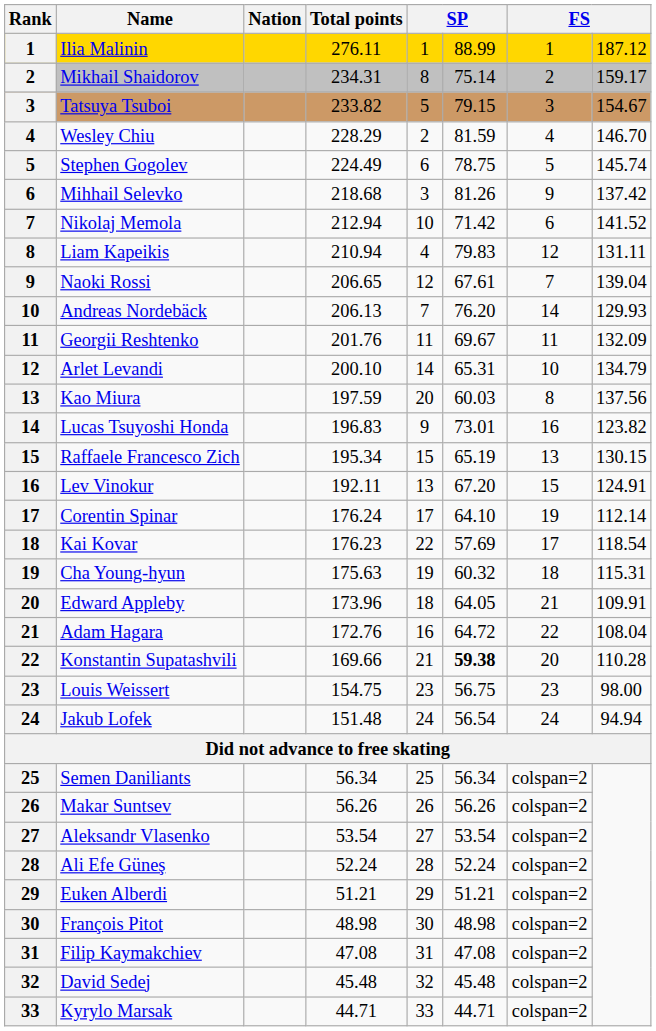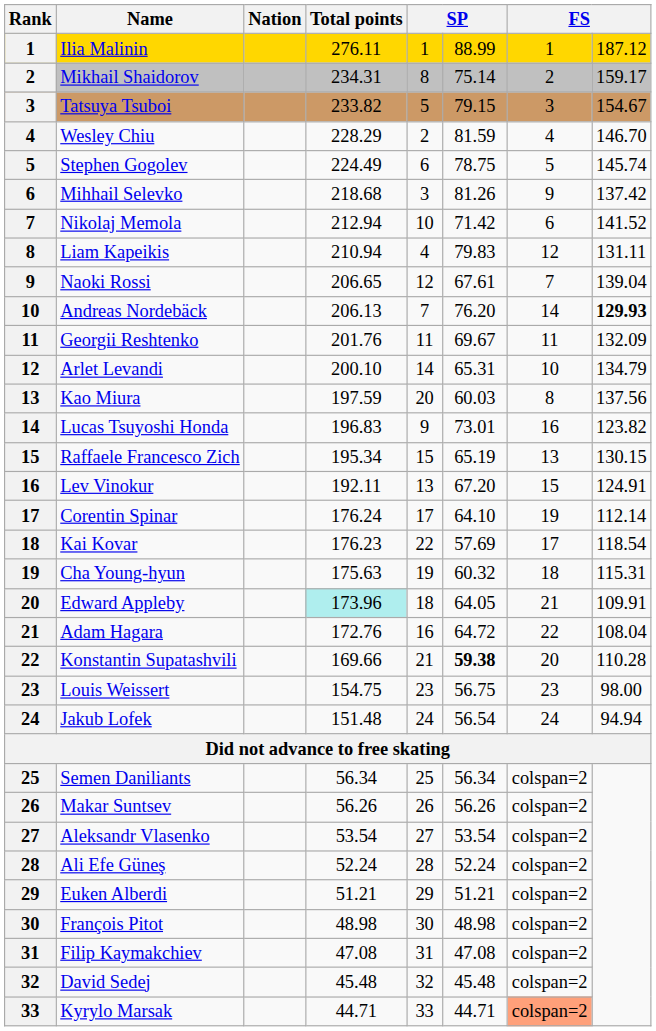 <table class="wikitable sortable" style="text-align:left;">
 <tr>
 <th scope="col">Rank</th>
 <th scope="col">Name</th>
 <th scope="col">Nation</th>
 <th scope="col">Total points</th>
 <th colspan="2" width="80px"><a href='#'>SP</a></th>
 <th colspan="2" width="80px"><a href='#'>FS</a></th>
 </tr>
 <tr bgcolor="gold">
 <th scope="row"><strong>1</strong></th>
 <td style="text-align:left"><a href='#'>Ilia Malinin</a></td>
 <td></td>
 <td align="center">276.11</td>
 <td align="center">1</td>
 <td align="center">88.99</td>
 <td align="center">1</td>
 <td align="center">187.12</td>
 </tr>
 <tr bgcolor="silver">
 <th scope="row"><strong>2</strong></th>
 <td style="text-align:left"><a href='#'>Mikhail Shaidorov</a></td>
 <td></td>
 <td align="center">234.31</td>
 <td align="center">8</td>
 <td align="center">75.14</td>
 <td align="center">2</td>
 <td align="center">159.17</td>
 </tr>
 <tr bgcolor="cc9966">
 <th scope="row"><strong>3</strong></th>
 <td style="text-align:left"><a href='#'>Tatsuya Tsuboi</a></td>
 <td></td>
 <td align="center">233.82</td>
 <td align="center">5</td>
 <td align="center">79.15</td>
 <td align="center">3</td>
 <td align="center">154.67</td>
 </tr>
 <tr>
 <th scope="row">4</th>
 <td style="text-align:left"><a href='#'>Wesley Chiu</a></td>
 <td></td>
 <td align="center">228.29</td>
 <td align="center">2</td>
 <td align="center">81.59</td>
 <td align="center">4</td>
 <td align="center">146.70</td>
 </tr>
 <tr>
 <th scope="row">5</th>
 <td style="text-align:left"><a href='#'>Stephen Gogolev</a></td>
 <td></td>
 <td align="center">224.49</td>
 <td align="center">6</td>
 <td align="center">78.75</td>
 <td align="center">5</td>
 <td align="center">145.74</td>
 </tr>
 <tr>
 <th scope="row">6</th>
 <td style="text-align:left"><a href='#'>Mihhail Selevko</a></td>
 <td></td>
 <td align="center">218.68</td>
 <td align="center">3</td>
 <td align="center">81.26</td>
 <td align="center">9</td>
 <td align="center">137.42</td>
 </tr>
 <tr>
 <th scope="row">7</th>
 <td style="text-align:left"><a href='#'>Nikolaj Memola</a></td>
 <td></td>
 <td align="center">212.94</td>
 <td align="center">10</td>
 <td align="center">71.42</td>
 <td align="center">6</td>
 <td align="center">141.52</td>
 </tr>
 <tr>
 <th scope="row">8</th>
 <td style="text-align:left"><a href='#'>Liam Kapeikis</a></td>
 <td></td>
 <td align="center">210.94</td>
 <td align="center">4</td>
 <td align="center">79.83</td>
 <td align="center">12</td>
 <td align="center">131.11</td>
 </tr>
 <tr>
 <th scope="row">9</th>
 <td style="text-align:left"><a href='#'>Naoki Rossi</a></td>
 <td></td>
 <td align="center">206.65</td>
 <td align="center">12</td>
 <td align="center">67.61</td>
 <td align="center">7</td>
 <td align="center">139.04</td>
 </tr>
 <tr>
 <th scope="row">10</th>
 <td style="text-align:left"><a href='#'>Andreas Nordebäck</a></td>
 <td></td>
 <td align="center">206.13</td>
 <td align="center">7</td>
 <td align="center">76.20</td>
 <td align="center">14</td>
-<td align="center">129.93</td>
+<td align="center"><strong>129.93</strong></td>
 </tr>
 <tr>
 <th scope="row">11</th>
 <td style="text-align:left"><a href='#'>Georgii Reshtenko</a></td>
 <td></td>
 <td align="center">201.76</td>
 <td align="center">11</td>
 <td align="center">69.67</td>
 <td align="center">11</td>
 <td align="center">132.09</td>
 </tr>
 <tr>
 <th scope="row">12</th>
 <td style="text-align:left"><a href='#'>Arlet Levandi</a></td>
 <td></td>
 <td align="center">200.10</td>
 <td align="center">14</td>
 <td align="center">65.31</td>
 <td align="center">10</td>
 <td align="center">134.79</td>
 </tr>
 <tr>
 <th scope="row">13</th>
 <td style="text-align:left"><a href='#'>Kao Miura</a></td>
 <td></td>
 <td align="center">197.59</td>
 <td align="center">20</td>
 <td align="center">60.03</td>
 <td align="center">8</td>
 <td align="center">137.56</td>
 </tr>
 <tr>
 <th scope="row">14</th>
 <td style="text-align:left"><a href='#'>Lucas Tsuyoshi Honda</a></td>
 <td></td>
 <td align="center">196.83</td>
 <td align="center">9</td>
 <td align="center">73.01</td>
 <td align="center">16</td>
 <td align="center">123.82</td>
 </tr>
 <tr>
 <th scope="row">15</th>
 <td style="text-align:left"><a href='#'>Raffaele Francesco Zich</a></td>
 <td></td>
 <td align="center">195.34</td>
 <td align="center">15</td>
 <td align="center">65.19</td>
 <td align="center">13</td>
 <td align="center">130.15</td>
 </tr>
 <tr>
 <th scope="row">16</th>
 <td style="text-align:left"><a href='#'>Lev Vinokur</a></td>
 <td></td>
 <td align="center">192.11</td>
 <td align="center">13</td>
 <td align="center">67.20</td>
 <td align="center">15</td>
 <td align="center">124.91</td>
 </tr>
 <tr>
 <th scope="row">17</th>
 <td style="text-align:left"><a href='#'>Corentin Spinar</a></td>
 <td></td>
 <td align="center">176.24</td>
 <td align="center">17</td>
 <td align="center">64.10</td>
 <td align="center">19</td>
 <td align="center">112.14</td>
 </tr>
 <tr>
 <th scope="row">18</th>
 <td style="text-align:left"><a href='#'>Kai Kovar</a></td>
 <td></td>
 <td align="center">176.23</td>
 <td align="center">22</td>
 <td align="center">57.69</td>
 <td align="center">17</td>
 <td align="center">118.54</td>
 </tr>
 <tr>
 <th scope="row">19</th>
 <td style="text-align:left"><a href='#'>Cha Young-hyun</a></td>
 <td></td>
 <td align="center">175.63</td>
 <td align="center">19</td>
 <td align="center">60.32</td>
 <td align="center">18</td>
 <td align="center">115.31</td>
 </tr>
 <tr>
 <th scope="row">20</th>
 <td style="text-align:left"><a href='#'>Edward Appleby</a></td>
 <td></td>
-<td align="center">173.96</td>
+<td align="center" style="background: paleturquoise;">173.96</td>
 <td align="center">18</td>
 <td align="center">64.05</td>
 <td align="center">21</td>
 <td align="center">109.91</td>
 </tr>
 <tr>
 <th scope="row">21</th>
 <td style="text-align:left"><a href='#'>Adam Hagara</a></td>
 <td></td>
 <td align="center">172.76</td>
 <td align="center">16</td>
 <td align="center">64.72</td>
 <td align="center">22</td>
 <td align="center">108.04</td>
 </tr>
 <tr>
 <th scope="row">22</th>
 <td style="text-align:left"><a href='#'>Konstantin Supatashvili</a></td>
 <td></td>
 <td align="center">169.66</td>
 <td align="center">21</td>
 <td align="center"><strong>59.38</strong></td>
 <td align="center">20</td>
 <td align="center">110.28</td>
 </tr>
 <tr>
 <th scope="row">23</th>
 <td style="text-align:left"><a href='#'>Louis Weissert</a></td>
 <td></td>
 <td align="center">154.75</td>
 <td align="center">23</td>
 <td align="center">56.75</td>
 <td align="center">23</td>
 <td align="center">98.00</td>
 </tr>
 <tr>
 <th scope="row">24</th>
 <td style="text-align:left"><a href='#'>Jakub Lofek</a></td>
 <td></td>
 <td align="center">151.48</td>
 <td align="center">24</td>
 <td align="center">56.54</td>
 <td align="center">24</td>
 <td align="center">94.94</td>
 </tr>
 <tr>
 <th colspan=8>Did not advance to free skating</th>
 </tr>
 <tr>
 <th scope="row">25</th>
 <td style="text-align:left"><a href='#'>Semen Daniliants</a></td>
 <td></td>
 <td align="center">56.34</td>
 <td align="center">25</td>
 <td align="center">56.34</td>
 <td>colspan=2 </td>
 </tr>
 <tr>
 <th scope="row">26</th>
 <td style="text-align:left"><a href='#'>Makar Suntsev</a></td>
 <td></td>
 <td align="center">56.26</td>
 <td align="center">26</td>
 <td align="center">56.26</td>
 <td>colspan=2 </td>
 </tr>
 <tr>
 <th scope="row">27</th>
 <td style="text-align:left"><a href='#'>Aleksandr Vlasenko</a></td>
 <td></td>
 <td align="center">53.54</td>
 <td align="center">27</td>
 <td align="center">53.54</td>
 <td>colspan=2 </td>
 </tr>
 <tr>
 <th scope="row">28</th>
 <td style="text-align:left"><a href='#'>Ali Efe Güneş</a></td>
 <td></td>
 <td align="center">52.24</td>
 <td align="center">28</td>
 <td align="center">52.24</td>
 <td>colspan=2 </td>
 </tr>
 <tr>
 <th scope="row">29</th>
 <td style="text-align:left"><a href='#'>Euken Alberdi</a></td>
 <td></td>
 <td align="center">51.21</td>
 <td align="center">29</td>
 <td align="center">51.21</td>
 <td>colspan=2 </td>
 </tr>
 <tr>
 <th scope="row">30</th>
 <td style="text-align:left"><a href='#'>François Pitot</a></td>
 <td></td>
 <td align="center">48.98</td>
 <td align="center">30</td>
 <td align="center">48.98</td>
 <td>colspan=2 </td>
 </tr>
 <tr>
 <th scope="row">31</th>
 <td style="text-align:left"><a href='#'>Filip Kaymakchiev</a></td>
 <td></td>
 <td align="center">47.08</td>
 <td align="center">31</td>
 <td align="center">47.08</td>
 <td>colspan=2 </td>
 </tr>
 <tr>
 <th scope="row">32</th>
 <td style="text-align:left"><a href='#'>David Sedej</a></td>
 <td></td>
 <td align="center">45.48</td>
 <td align="center">32</td>
 <td align="center">45.48</td>
 <td>colspan=2 </td>
 </tr>
 <tr>
 <th scope="row">33</th>
 <td style="text-align:left"><a href='#'>Kyrylo Marsak</a></td>
 <td></td>
 <td align="center">44.71</td>
 <td align="center">33</td>
 <td align="center">44.71</td>
-<td>colspan=2 </td>
+<td style="background: lightsalmon;">colspan=2 </td>
 </tr>
 </table>
